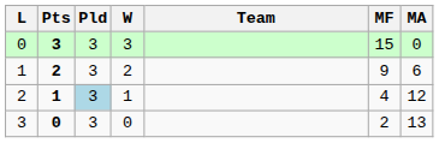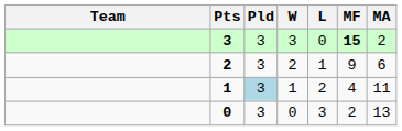 <table class=wikitable style="text-align:center">
 <tr>
-<th width=20>L</th>
+<th width=175>Team</th>
 <th width=20>Pts</th>
 <th width=20>Pld</th>
 <th width=20>W</th>
-<th width=175>Team</th>
+<th width=20>L</th>
 <th width=20>MF</th>
 <th width=20>MA</th>
 </tr>
 <tr bgcolor=#ccffcc>
-<td>0</td>
+<td style="text-align:left"></td>
 <td><strong>3</strong></td>
 <td>3</td>
 <td>3</td>
-<td style="text-align:left"></td>
-<td>15</td>
 <td>0</td>
+<td><strong>15</strong></td>
+<td>2</td>
 </tr>
 <tr>
-<td>1</td>
+<td style="text-align:left"></td>
 <td><strong>2</strong></td>
 <td>3</td>
 <td>2</td>
-<td style="text-align:left"></td>
+<td>1</td>
 <td>9</td>
 <td>6</td>
 </tr>
 <tr>
-<td>2</td>
+<td style="text-align:left"></td>
 <td><strong>1</strong></td>
 <td style="background: lightblue;">3</td>
 <td>1</td>
-<td style="text-align:left"></td>
+<td>2</td>
 <td>4</td>
-<td>12</td>
+<td>11</td>
 </tr>
 <tr>
-<td>3</td>
+<td style="text-align:left"></td>
 <td><strong>0</strong></td>
 <td>3</td>
 <td>0</td>
-<td style="text-align:left"></td>
+<td>3</td>
 <td>2</td>
 <td>13</td>
 </tr>
 </table>
